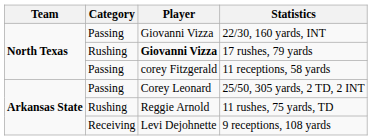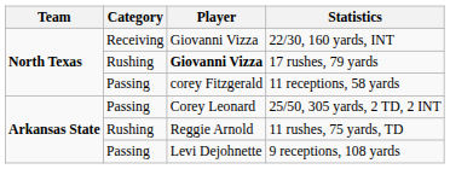 <table class="wikitable" style="float: left;">
 <tr>
 <th>Team</th>
 <th>Category</th>
 <th>Player</th>
 <th>Statistics</th>
 </tr>
 <tr>
 <td rowspan=3><strong>North Texas</strong></td>
-<td>Passing</td>
+<td>Receiving</td>
 <td>Giovanni Vizza</td>
 <td>22/30, 160 yards, INT</td>
 </tr>
 <tr>
 <td>Rushing</td>
 <td><strong>Giovanni Vizza</strong></td>
 <td>17 rushes, 79 yards</td>
 </tr>
 <tr>
 <td>Passing</td>
 <td>corey Fitzgerald</td>
 <td>11 receptions, 58 yards</td>
 </tr>
 <tr>
 <td rowspan=3><strong>Arkansas State</strong></td>
 <td>Passing</td>
 <td>Corey Leonard</td>
 <td>25/50, 305 yards, 2 TD, 2 INT</td>
 </tr>
 <tr>
 <td>Rushing</td>
 <td>Reggie Arnold</td>
 <td>11 rushes, 75 yards, TD</td>
 </tr>
 <tr>
-<td>Receiving</td>
+<td>Passing</td>
 <td>Levi Dejohnette</td>
 <td>9 receptions, 108 yards</td>
 </tr>
 </table>
